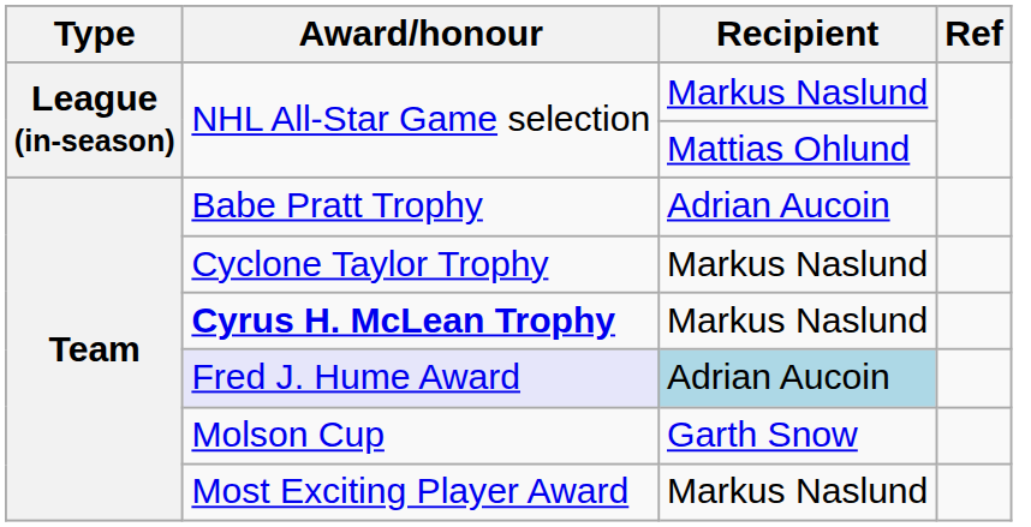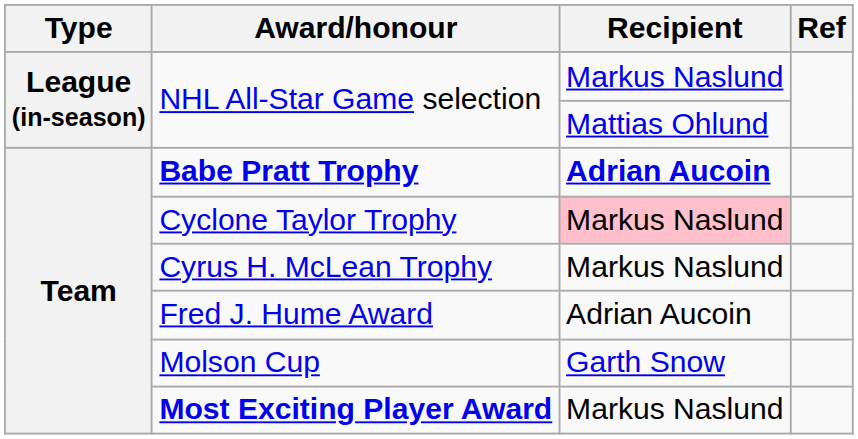 <table class="wikitable">
 <tr>
 <th scope="col">Type</th>
 <th scope="col">Award/honour</th>
 <th scope="col">Recipient</th>
 <th scope="col">Ref</th>
 </tr>
 <tr>
 <th scope="row" rowspan="2">League<br><small>(in-season)</small></th>
 <td rowspan="2"><a href='#'>NHL All-Star Game</a> selection</td>
 <td><a href='#'>Markus Naslund</a></td>
 <td rowspan="2"></td>
 </tr>
 <tr>
 <td><a href='#'>Mattias Ohlund</a></td>
 </tr>
 <tr>
 <th scope="row" rowspan="6">Team</th>
-<td><a href='#'>Babe Pratt Trophy</a></td>
-<td><a href='#'>Adrian Aucoin</a></td>
+<td><strong><a href='#'>Babe Pratt Trophy</a></strong></td>
+<td><strong><a href='#'>Adrian Aucoin</a></strong></td>
 <td></td>
 </tr>
 <tr>
 <td><a href='#'>Cyclone Taylor Trophy</a></td>
+<td style="background: pink;">Markus Naslund</td>
+<td></td>
+</tr>
+<tr>
+<td><a href='#'>Cyrus H. McLean Trophy</a></td>
 <td>Markus Naslund</td>
 <td></td>
 </tr>
 <tr>
-<td><strong><a href='#'>Cyrus H. McLean Trophy</a></strong></td>
-<td>Markus Naslund</td>
-<td></td>
-</tr>
-<tr>
-<td style="background: lavender;"><a href='#'>Fred J. Hume Award</a></td>
-<td style="background: lightblue;">Adrian Aucoin</td>
+<td><a href='#'>Fred J. Hume Award</a></td>
+<td>Adrian Aucoin</td>
 <td></td>
 </tr>
 <tr>
 <td><a href='#'>Molson Cup</a></td>
 <td><a href='#'>Garth Snow</a></td>
 <td></td>
 </tr>
 <tr>
-<td><a href='#'>Most Exciting Player Award</a></td>
+<td><strong><a href='#'>Most Exciting Player Award</a></strong></td>
 <td>Markus Naslund</td>
 <td></td>
 </tr>
 </table>
